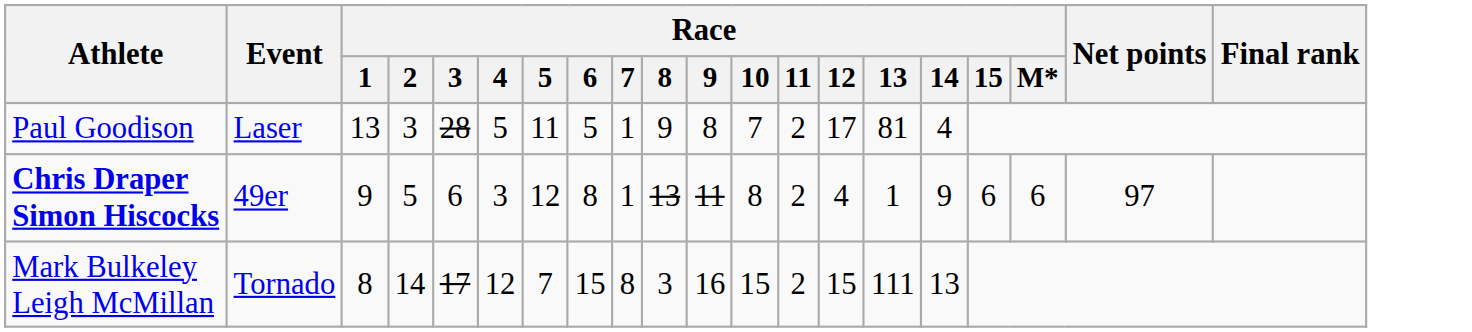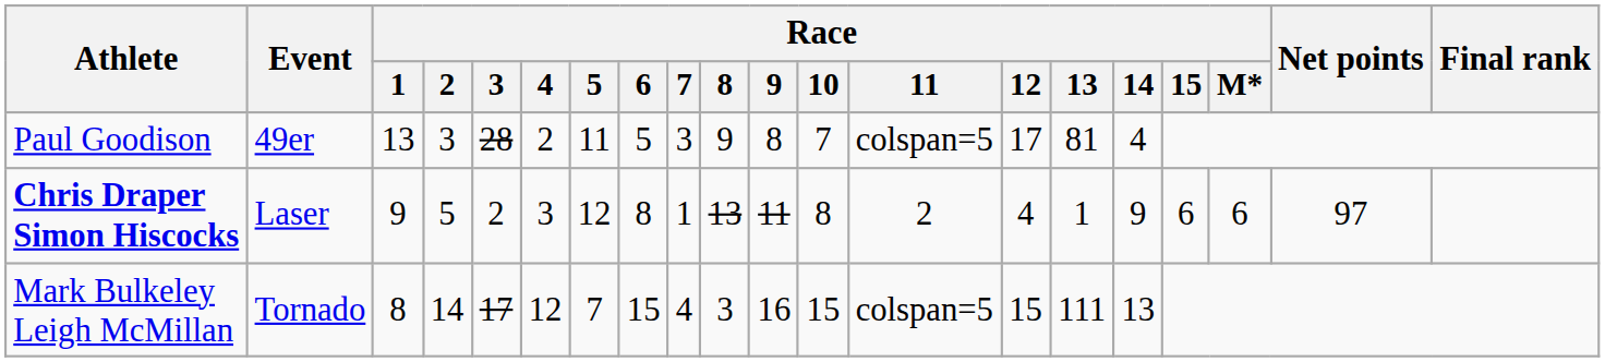 <table class="wikitable" style="font-size:90%">
 <tr>
 <th rowspan=2>Athlete</th>
 <th rowspan=2>Event</th>
 <th colspan=16>Race</th>
 <th rowspan=2>Net points</th>
 <th rowspan=2>Final rank</th>
 </tr>
 <tr style="font-size:95%">
 <th>1</th>
 <th>2</th>
 <th>3</th>
 <th>4</th>
 <th>5</th>
 <th>6</th>
 <th>7</th>
 <th>8</th>
 <th>9</th>
 <th>10</th>
 <th>11</th>
 <th>12</th>
 <th>13</th>
 <th>14</th>
 <th>15</th>
 <th>M*</th>
 </tr>
 <tr align=center>
 <td align=left><a href='#'>Paul Goodison</a></td>
-<td align=left><a href='#'>Laser</a></td>
+<td align=left><a href='#'>49er</a></td>
 <td>13</td>
 <td>3</td>
 <td><s>28</s></td>
-<td>5</td>
+<td>2</td>
 <td>11</td>
 <td>5</td>
-<td>1</td>
+<td>3</td>
 <td>9</td>
 <td>8</td>
 <td>7</td>
-<td>2</td>
+<td>colspan=5 </td>
 <td>17</td>
 <td>81</td>
 <td>4</td>
 </tr>
 <tr align=center>
 <td align=left><strong><a href='#'>Chris Draper</a><br><a href='#'>Simon Hiscocks</a></strong></td>
-<td align=left><a href='#'>49er</a></td>
+<td align=left><a href='#'>Laser</a></td>
 <td>9</td>
 <td>5</td>
-<td>6</td>
+<td>2</td>
 <td>3</td>
 <td>12</td>
 <td>8</td>
 <td>1</td>
 <td><s>13</s></td>
 <td><s>11</s></td>
 <td>8</td>
 <td>2</td>
 <td>4</td>
 <td>1</td>
 <td>9</td>
 <td>6</td>
 <td>6</td>
 <td>97</td>
 <td></td>
 </tr>
 <tr align=center>
 <td align=left><a href='#'>Mark Bulkeley</a><br><a href='#'>Leigh McMillan</a></td>
 <td align=left><a href='#'>Tornado</a></td>
 <td>8</td>
 <td>14</td>
 <td><s>17</s></td>
 <td>12</td>
 <td>7</td>
 <td>15</td>
-<td>8</td>
+<td>4</td>
 <td>3</td>
 <td>16</td>
 <td>15</td>
-<td>2</td>
+<td>colspan=5 </td>
 <td>15</td>
 <td>111</td>
 <td>13</td>
 </tr>
 </table>
